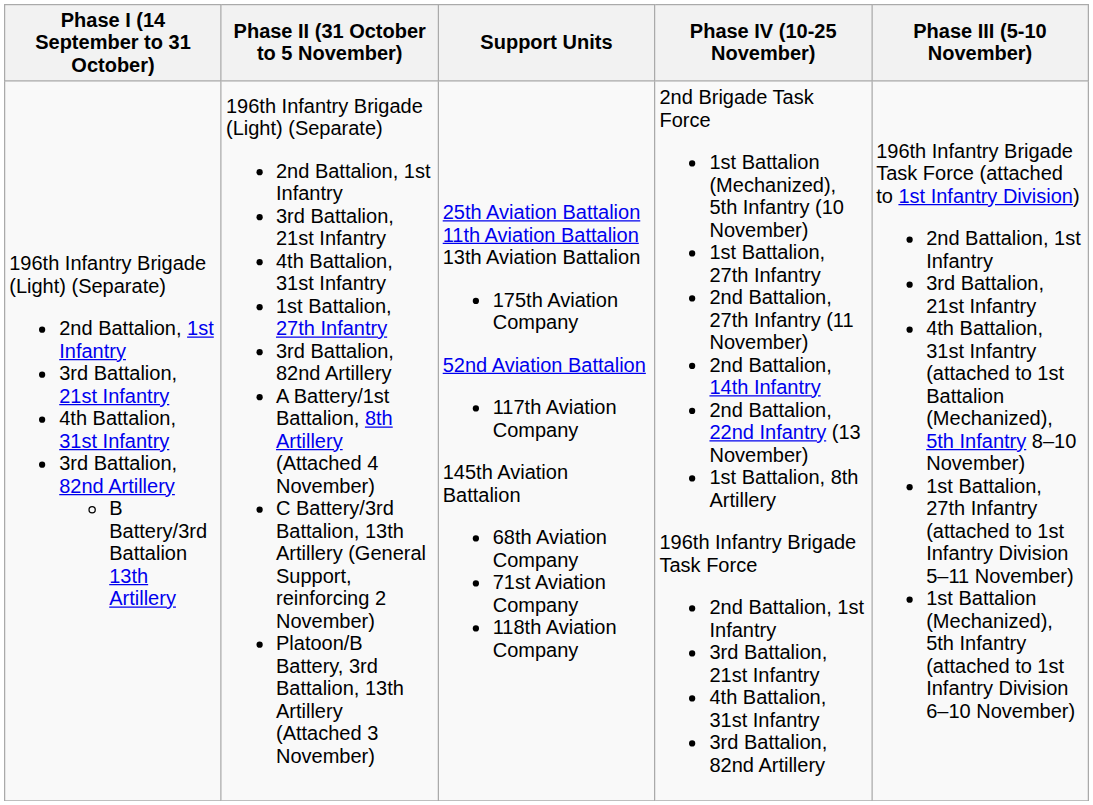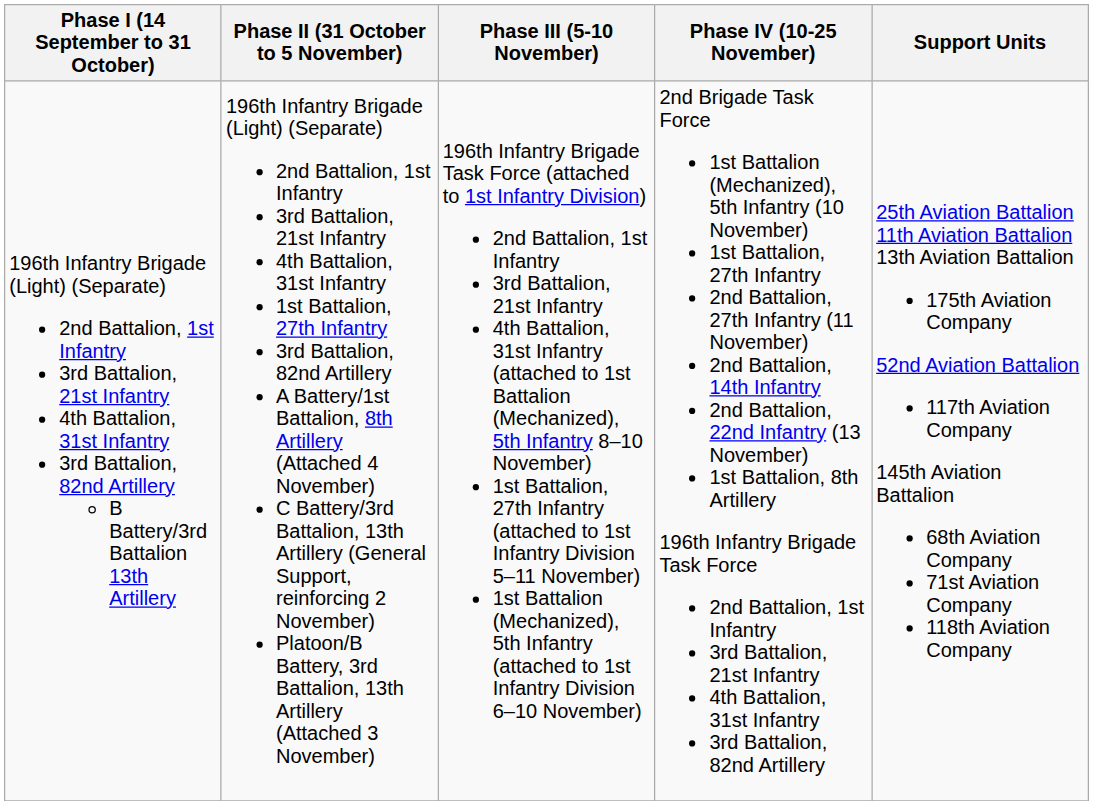 <table class="wikitable">
 <tr>
 <th width=20%; align= center>Phase I (14 September to 31 October)</th>
 <th width=20%; align= center>Phase II (31 October to 5 November)</th>
+<th width=20%; align= center>Phase III (5-10 November)</th>
+<th width=20%; align= center>Phase IV (10-25 November)</th>
 <th width=20%; align= center>Support Units</th>
-<th width=20%; align= center>Phase IV (10-25 November)</th>
-<th width=20%; align= center>Phase III (5-10 November)</th>
 </tr>
 <tr>
 <td>196th Infantry Brigade (Light) (Separate)<br><ul><li>2nd Battalion, <a href='#'>1st Infantry</a></li><li>3rd Battalion, <a href='#'>21st Infantry</a></li><li>4th Battalion, <a href='#'>31st Infantry</a></li><li>3rd Battalion, <a href='#'>82nd Artillery</a><ul><li>B Battery/3rd Battalion <a href='#'>13th Artillery</a></li></ul></li></ul></td>
 <td>196th Infantry Brigade (Light) (Separate)<br><ul><li>2nd Battalion, 1st Infantry</li><li>3rd Battalion, 21st Infantry</li><li>4th Battalion, 31st Infantry</li><li>1st Battalion, <a href='#'>27th Infantry</a></li><li>3rd Battalion, 82nd Artillery</li><li>A Battery/1st Battalion, <a href='#'>8th Artillery</a> (Attached 4 November)</li><li>C Battery/3rd Battalion, 13th Artillery (General Support, reinforcing 2 November)</li><li>Platoon/B Battery, 3rd Battalion, 13th Artillery (Attached 3 November)</li></ul></td>
+<td>196th Infantry Brigade Task Force (attached to <a href='#'>1st Infantry Division</a>)<br><ul><li>2nd Battalion, 1st Infantry</li><li>3rd Battalion, 21st Infantry</li><li>4th Battalion, 31st Infantry (attached to 1st Battalion (Mechanized), <a href='#'>5th Infantry</a> 8–10 November)</li><li>1st Battalion, 27th Infantry (attached to 1st Infantry Division 5–11 November)</li><li>1st Battalion (Mechanized), 5th Infantry (attached to 1st Infantry Division 6–10 November)</li></ul></td>
+<td>2nd Brigade Task Force<br><ul><li>1st Battalion (Mechanized), 5th Infantry (10 November)</li><li>1st Battalion, 27th Infantry</li><li>2nd Battalion, 27th Infantry (11 November)</li><li>2nd Battalion, <a href='#'>14th Infantry</a></li><li>2nd Battalion, <a href='#'>22nd Infantry</a> (13 November)</li><li>1st Battalion, 8th Artillery</li></ul>196th Infantry Brigade Task Force<ul><li>2nd Battalion, 1st Infantry</li><li>3rd Battalion, 21st Infantry</li><li>4th Battalion, 31st Infantry</li><li>3rd Battalion, 82nd Artillery</li></ul></td>
 <td><a href='#'>25th Aviation Battalion</a><br><a href='#'>11th Aviation Battalion</a> 13th Aviation Battalion<ul><li>175th Aviation Company</li></ul><a href='#'>52nd Aviation Battalion</a><ul><li>117th Aviation Company</li></ul>145th Aviation Battalion<ul><li>68th Aviation Company</li><li>71st Aviation Company</li><li>118th Aviation Company</li></ul></td>
-<td>2nd Brigade Task Force<br><ul><li>1st Battalion (Mechanized), 5th Infantry (10 November)</li><li>1st Battalion, 27th Infantry</li><li>2nd Battalion, 27th Infantry (11 November)</li><li>2nd Battalion, <a href='#'>14th Infantry</a></li><li>2nd Battalion, <a href='#'>22nd Infantry</a> (13 November)</li><li>1st Battalion, 8th Artillery</li></ul>196th Infantry Brigade Task Force<ul><li>2nd Battalion, 1st Infantry</li><li>3rd Battalion, 21st Infantry</li><li>4th Battalion, 31st Infantry</li><li>3rd Battalion, 82nd Artillery</li></ul></td>
-<td>196th Infantry Brigade Task Force (attached to <a href='#'>1st Infantry Division</a>)<br><ul><li>2nd Battalion, 1st Infantry</li><li>3rd Battalion, 21st Infantry</li><li>4th Battalion, 31st Infantry (attached to 1st Battalion (Mechanized), <a href='#'>5th Infantry</a> 8–10 November)</li><li>1st Battalion, 27th Infantry (attached to 1st Infantry Division 5–11 November)</li><li>1st Battalion (Mechanized), 5th Infantry (attached to 1st Infantry Division 6–10 November)</li></ul></td>
 </tr>
 </table>
